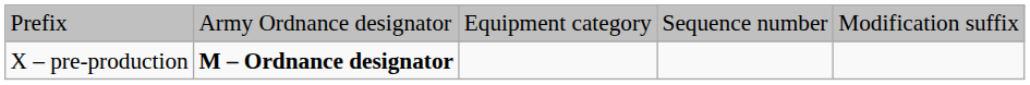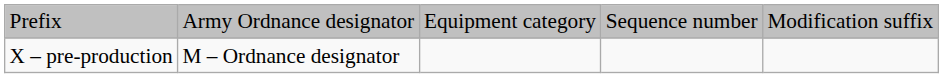 <table class="wikitable">
 <tr style="background:silver;">
 <td>Prefix</td>
 <td style="background:silver;">Army Ordnance designator</td>
 <td style="background:silver;">Equipment category</td>
 <td>Sequence number</td>
 <td style="background:silver;">Modification suffix</td>
 </tr>
 <tr>
 <td>X – pre-production</td>
-<td><strong>M – Ordnance designator</strong></td>
+<td>M – Ordnance designator</td>
 <td></td>
 <td></td>
 </tr>
 </table>
